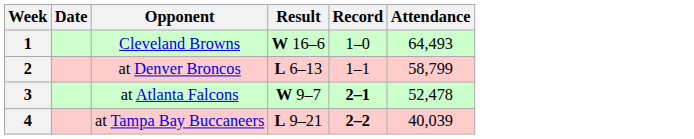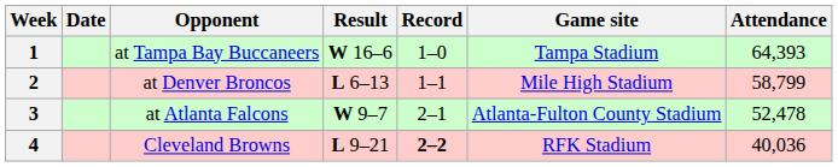 <table class="wikitable" style="text-align:center">
 <tr>
 <th>Week</th>
 <th>Date</th>
 <th>Opponent</th>
 <th>Result</th>
 <th>Record</th>
+<th>Game site</th>
 <th>Attendance</th>
 </tr>
 <tr style="background:#cfc">
 <th>1</th>
 <td></td>
-<td><a href='#'>Cleveland Browns</a></td>
+<td>at <a href='#'>Tampa Bay Buccaneers</a></td>
 <td><strong>W</strong> 16–6</td>
 <td>1–0</td>
-<td>64,493</td>
+<td><a href='#'>Tampa Stadium</a></td>
+<td>64,393</td>
 </tr>
 <tr style="background:#fcc">
 <th>2</th>
 <td></td>
 <td>at <a href='#'>Denver Broncos</a></td>
 <td><strong>L</strong> 6–13</td>
 <td>1–1</td>
+<td><a href='#'>Mile High Stadium</a></td>
 <td>58,799</td>
 </tr>
 <tr style="background:#cfc">
 <th>3</th>
 <td></td>
 <td>at <a href='#'>Atlanta Falcons</a></td>
 <td><strong>W</strong> 9–7</td>
-<td><strong>2–1</strong></td>
+<td>2–1</td>
+<td><a href='#'>Atlanta-Fulton County Stadium</a></td>
 <td>52,478</td>
 </tr>
 <tr style="background:#fcc">
 <th>4</th>
 <td></td>
-<td>at <a href='#'>Tampa Bay Buccaneers</a></td>
+<td><a href='#'>Cleveland Browns</a></td>
 <td><strong>L</strong> 9–21</td>
 <td><strong>2–2</strong></td>
-<td>40,039</td>
+<td><a href='#'>RFK Stadium</a></td>
+<td>40,036</td>
 </tr>
 </table>
